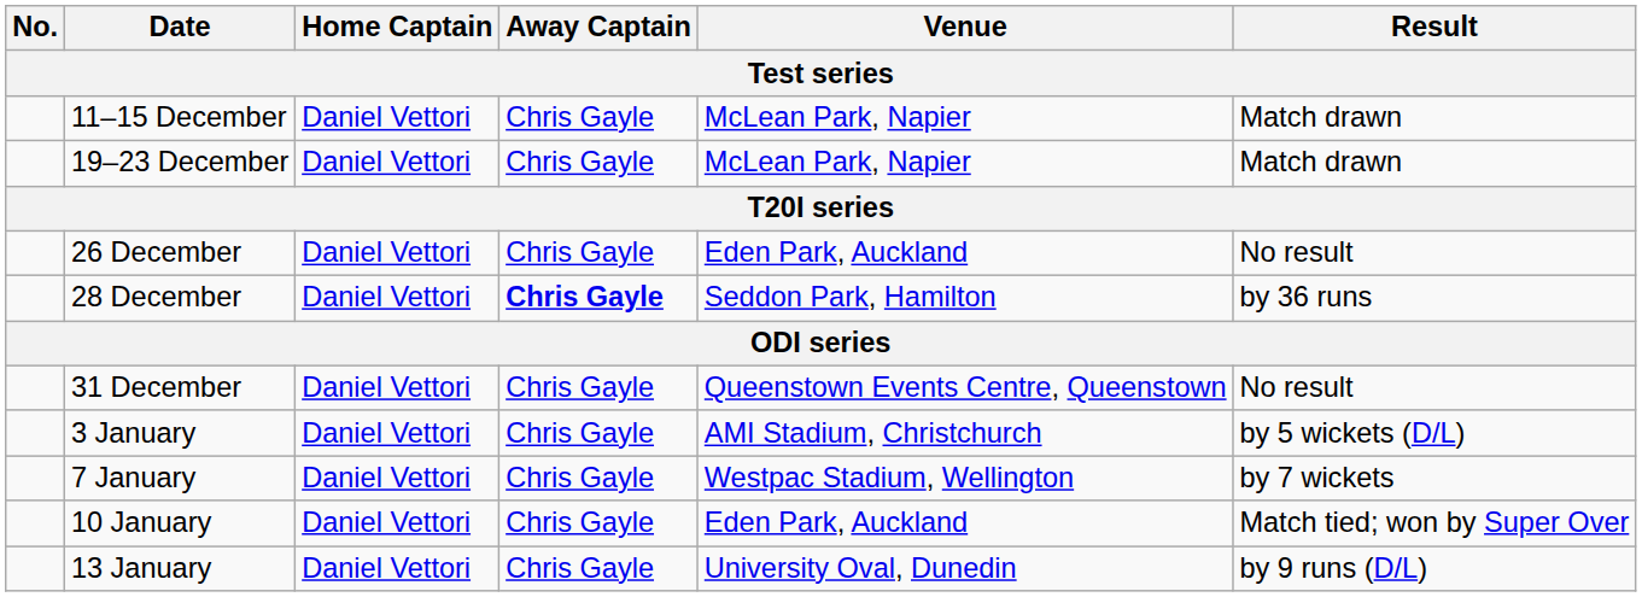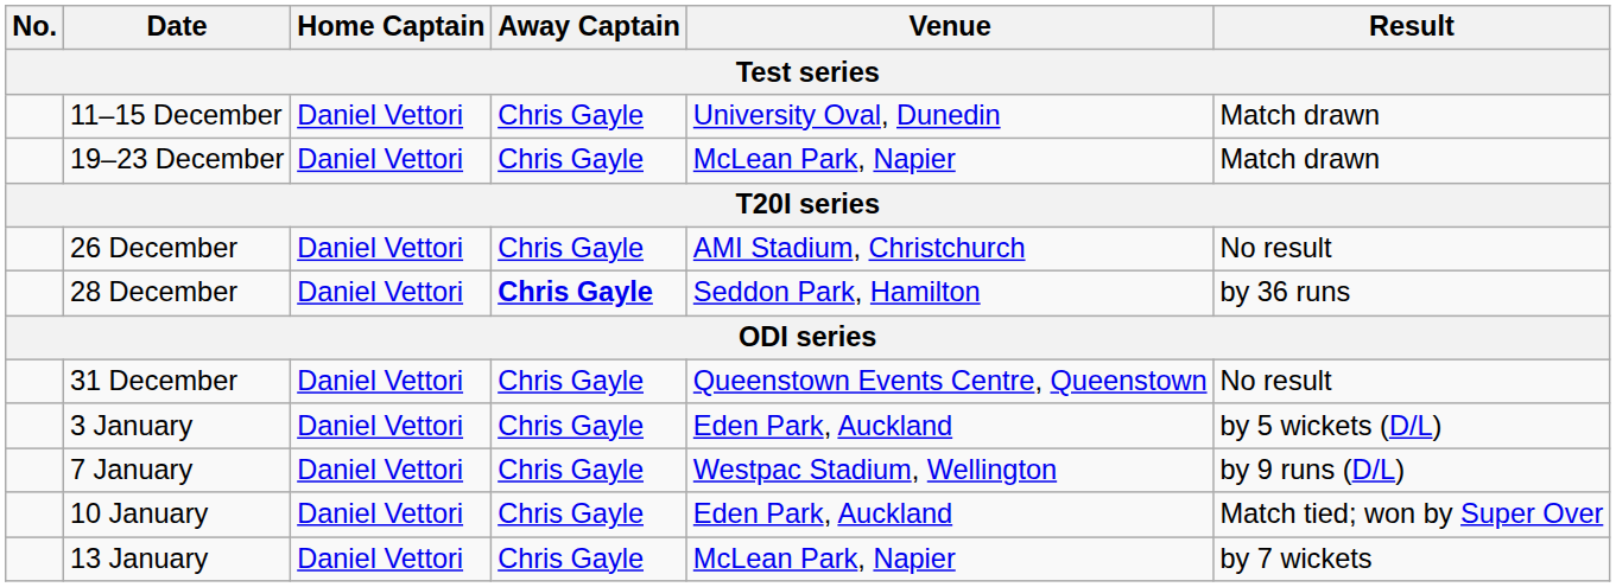 <table class="wikitable">
 <tr>
 <th>No.</th>
 <th>Date</th>
 <th>Home Captain</th>
 <th>Away Captain</th>
 <th>Venue</th>
 <th>Result</th>
 </tr>
 <tr>
 <th colspan="9">Test series</th>
 </tr>
 <tr>
 <td></td>
 <td>11–15 December</td>
 <td><a href='#'>Daniel Vettori</a></td>
 <td><a href='#'>Chris Gayle</a></td>
-<td><a href='#'>McLean Park</a>, <a href='#'>Napier</a></td>
+<td><a href='#'>University Oval</a>, <a href='#'>Dunedin</a></td>
 <td>Match drawn</td>
 </tr>
 <tr>
 <td></td>
 <td>19–23 December</td>
 <td><a href='#'>Daniel Vettori</a></td>
 <td><a href='#'>Chris Gayle</a></td>
 <td><a href='#'>McLean Park</a>, <a href='#'>Napier</a></td>
 <td>Match drawn</td>
 </tr>
 <tr>
 <th colspan="9">T20I series</th>
 </tr>
 <tr>
 <td></td>
 <td>26 December</td>
 <td><a href='#'>Daniel Vettori</a></td>
 <td><a href='#'>Chris Gayle</a></td>
-<td><a href='#'>Eden Park</a>, <a href='#'>Auckland</a></td>
+<td><a href='#'>AMI Stadium</a>, <a href='#'>Christchurch</a></td>
 <td>No result</td>
 </tr>
 <tr>
 <td></td>
 <td>28 December</td>
 <td><a href='#'>Daniel Vettori</a></td>
 <td><strong><a href='#'>Chris Gayle</a></strong></td>
 <td><a href='#'>Seddon Park</a>, <a href='#'>Hamilton</a></td>
 <td> by 36 runs</td>
 </tr>
 <tr>
 <th colspan="9">ODI series</th>
 </tr>
 <tr>
 <td></td>
 <td>31 December</td>
 <td><a href='#'>Daniel Vettori</a></td>
 <td><a href='#'>Chris Gayle</a></td>
 <td><a href='#'>Queenstown Events Centre</a>, <a href='#'>Queenstown</a></td>
 <td>No result</td>
 </tr>
 <tr>
 <td></td>
 <td>3 January</td>
 <td><a href='#'>Daniel Vettori</a></td>
 <td><a href='#'>Chris Gayle</a></td>
-<td><a href='#'>AMI Stadium</a>, <a href='#'>Christchurch</a></td>
+<td><a href='#'>Eden Park</a>, <a href='#'>Auckland</a></td>
 <td> by 5 wickets (<a href='#'>D/L</a>)</td>
 </tr>
 <tr>
 <td></td>
 <td>7 January</td>
 <td><a href='#'>Daniel Vettori</a></td>
 <td><a href='#'>Chris Gayle</a></td>
 <td><a href='#'>Westpac Stadium</a>, <a href='#'>Wellington</a></td>
-<td> by 7 wickets</td>
+<td> by 9 runs (<a href='#'>D/L</a>)</td>
 </tr>
 <tr>
 <td></td>
 <td>10 January</td>
 <td><a href='#'>Daniel Vettori</a></td>
 <td><a href='#'>Chris Gayle</a></td>
 <td><a href='#'>Eden Park</a>, <a href='#'>Auckland</a></td>
 <td>Match tied;  won by <a href='#'>Super Over</a></td>
 </tr>
 <tr>
 <td></td>
 <td>13 January</td>
 <td><a href='#'>Daniel Vettori</a></td>
 <td><a href='#'>Chris Gayle</a></td>
-<td><a href='#'>University Oval</a>, <a href='#'>Dunedin</a></td>
-<td> by 9 runs (<a href='#'>D/L</a>)</td>
+<td><a href='#'>McLean Park</a>, <a href='#'>Napier</a></td>
+<td> by 7 wickets</td>
 </tr>
 </table>
